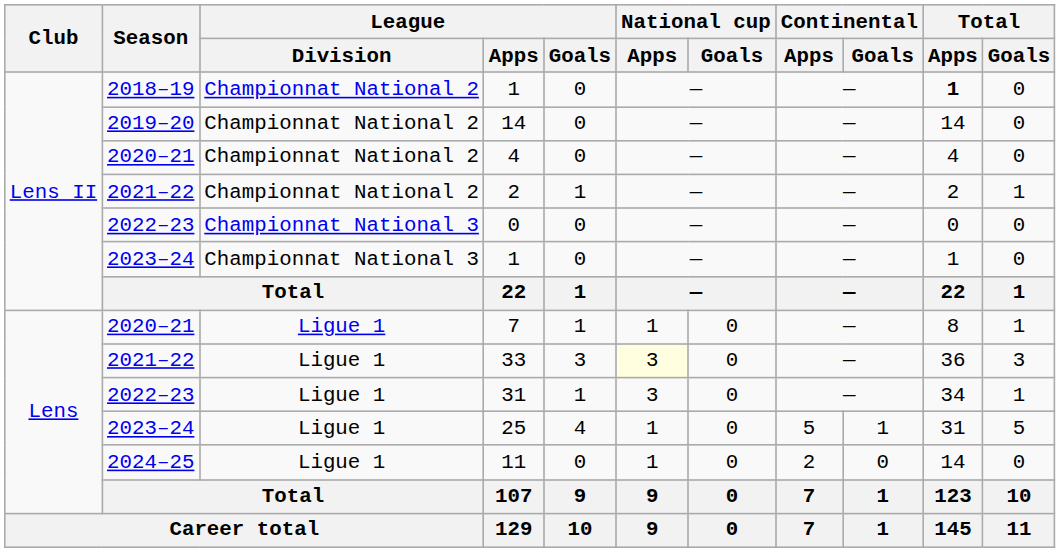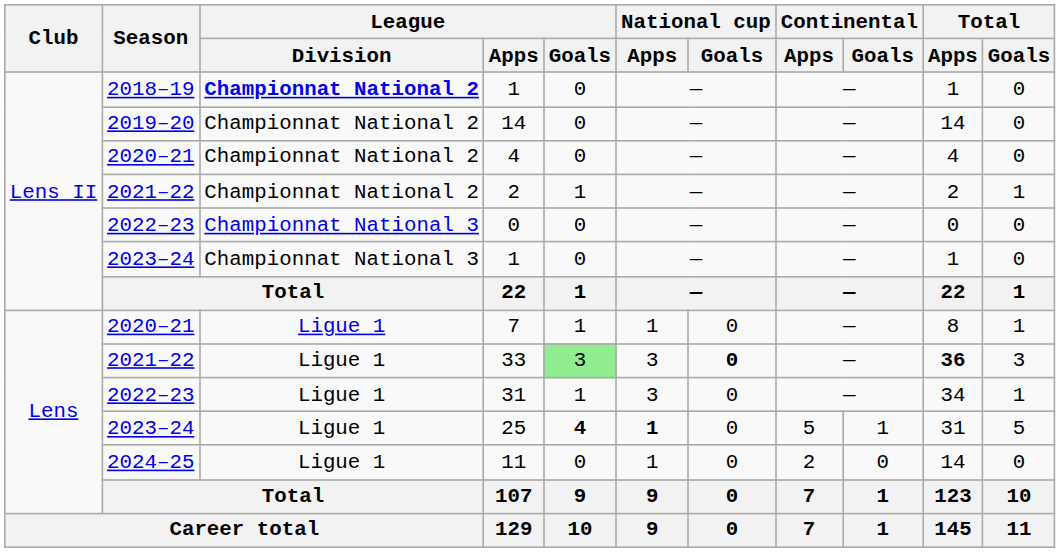 <table class="wikitable" style="text-align: center">
 <tr>
 <th rowspan="2">Club</th>
 <th rowspan="2">Season</th>
 <th colspan="3">League</th>
 <th colspan="2">National cup</th>
 <th colspan="2">Continental</th>
 <th colspan="2">Total</th>
 </tr>
 <tr>
 <th>Division</th>
 <th>Apps</th>
 <th>Goals</th>
 <th>Apps</th>
 <th>Goals</th>
 <th>Apps</th>
 <th>Goals</th>
 <th>Apps</th>
 <th>Goals</th>
 </tr>
 <tr>
 <td rowspan="7"><a href='#'>Lens II</a></td>
 <td><a href='#'>2018–19</a></td>
-<td><a href='#'>Championnat National 2</a></td>
+<td><strong><a href='#'>Championnat National 2</a></strong></td>
 <td>1</td>
 <td>0</td>
 <td colspan="2">—</td>
 <td colspan="2">—</td>
-<td><strong>1</strong></td>
+<td>1</td>
 <td>0</td>
 </tr>
 <tr>
 <td><a href='#'>2019–20</a></td>
 <td>Championnat National 2</td>
 <td>14</td>
 <td>0</td>
 <td colspan="2">—</td>
 <td colspan="2">—</td>
 <td>14</td>
 <td>0</td>
 </tr>
 <tr>
 <td><a href='#'>2020–21</a></td>
 <td>Championnat National 2</td>
 <td>4</td>
 <td>0</td>
 <td colspan="2">—</td>
 <td colspan="2">—</td>
 <td>4</td>
 <td>0</td>
 </tr>
 <tr>
 <td><a href='#'>2021–22</a></td>
 <td>Championnat National 2</td>
 <td>2</td>
 <td>1</td>
 <td colspan="2">—</td>
 <td colspan="2">—</td>
 <td>2</td>
 <td>1</td>
 </tr>
 <tr>
 <td><a href='#'>2022–23</a></td>
 <td><a href='#'>Championnat National 3</a></td>
 <td>0</td>
 <td>0</td>
 <td colspan="2">—</td>
 <td colspan="2">—</td>
 <td>0</td>
 <td>0</td>
 </tr>
 <tr>
 <td><a href='#'>2023–24</a></td>
 <td>Championnat National 3</td>
 <td>1</td>
 <td>0</td>
 <td colspan="2">—</td>
 <td colspan="2">—</td>
 <td>1</td>
 <td>0</td>
 </tr>
 <tr>
 <th colspan="2">Total</th>
 <th>22</th>
 <th>1</th>
 <th colspan="2">—</th>
 <th colspan="2">—</th>
 <th>22</th>
 <th>1</th>
 </tr>
 <tr>
 <td rowspan="6"><a href='#'>Lens</a></td>
 <td><a href='#'>2020–21</a></td>
 <td><a href='#'>Ligue 1</a></td>
 <td>7</td>
 <td>1</td>
 <td>1</td>
 <td>0</td>
 <td colspan="2">—</td>
 <td>8</td>
 <td>1</td>
 </tr>
 <tr>
 <td><a href='#'>2021–22</a></td>
 <td>Ligue 1</td>
 <td>33</td>
+<td style="background: lightgreen;">3</td>
 <td>3</td>
-<td style="background: lightyellow;">3</td>
-<td>0</td>
+<td><strong>0</strong></td>
 <td colspan="2">—</td>
-<td>36</td>
+<td><strong>36</strong></td>
 <td>3</td>
 </tr>
 <tr>
 <td><a href='#'>2022–23</a></td>
 <td>Ligue 1</td>
 <td>31</td>
 <td>1</td>
 <td>3</td>
 <td>0</td>
 <td colspan="2">—</td>
 <td>34</td>
 <td>1</td>
 </tr>
 <tr>
 <td><a href='#'>2023–24</a></td>
 <td>Ligue 1</td>
 <td>25</td>
-<td>4</td>
-<td>1</td>
+<td><strong>4</strong></td>
+<td><strong>1</strong></td>
 <td>0</td>
 <td>5</td>
 <td>1</td>
 <td>31</td>
 <td>5</td>
 </tr>
 <tr>
 <td><a href='#'>2024–25</a></td>
 <td>Ligue 1</td>
 <td>11</td>
 <td>0</td>
 <td>1</td>
 <td>0</td>
 <td>2</td>
 <td>0</td>
 <td>14</td>
 <td>0</td>
 </tr>
 <tr>
 <th colspan="2">Total</th>
 <th>107</th>
 <th>9</th>
 <th>9</th>
 <th>0</th>
 <th>7</th>
 <th>1</th>
 <th>123</th>
 <th>10</th>
 </tr>
 <tr>
 <th colspan="3">Career total</th>
 <th>129</th>
 <th>10</th>
 <th>9</th>
 <th>0</th>
 <th>7</th>
 <th>1</th>
 <th>145</th>
 <th>11</th>
 </tr>
 </table>
